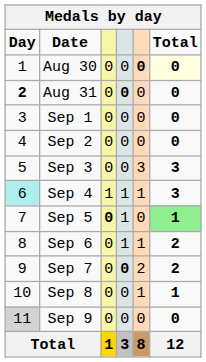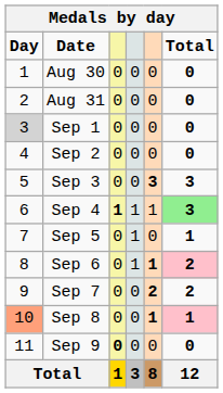 <table class="wikitable" style="font-size:90%; float:right">
 <tr align=center>
 <th colspan=7><strong>Medals by day</strong></th>
 </tr>
 <tr align=center>
 <td><strong>Day</strong></td>
 <td><strong>Date</strong></td>
 <td style="background:#f7f6a8;"></td>
 <td style="background:#dce5e5;"></td>
 <td style="background:#ffdab9;"></td>
 <td><strong>Total</strong></td>
 </tr>
 <tr align=center>
 <td>1</td>
 <td>Aug 30</td>
 <td style="background:#f7f6a8;">0</td>
 <td style="background:#dce5e5;">0</td>
-<td style="background:#ffdab9;"><strong>0</strong></td>
-<td style="background: lightyellow;"><strong>0</strong></td>
-</tr>
-<tr align=center>
-<td><strong>2</strong></td>
-<td>Aug 31</td>
-<td style="background:#f7f6a8;">0</td>
-<td style="background:#dce5e5;"><strong>0</strong></td>
 <td style="background:#ffdab9;">0</td>
 <td><strong>0</strong></td>
 </tr>
 <tr align=center>
-<td>3</td>
+<td>2</td>
+<td>Aug 31</td>
+<td style="background:#f7f6a8;">0</td>
+<td style="background:#dce5e5;">0</td>
+<td style="background:#ffdab9;">0</td>
+<td><strong>0</strong></td>
+</tr>
+<tr align=center>
+<td style="background: lightgrey;">3</td>
 <td>Sep 1</td>
 <td style="background:#f7f6a8;">0</td>
 <td style="background:#dce5e5;">0</td>
 <td style="background:#ffdab9;">0</td>
 <td><strong>0</strong></td>
 </tr>
 <tr align=center>
 <td>4</td>
 <td>Sep 2</td>
 <td style="background:#f7f6a8;">0</td>
 <td style="background:#dce5e5;">0</td>
 <td style="background:#ffdab9;">0</td>
 <td><strong>0</strong></td>
 </tr>
 <tr align=center>
 <td>5</td>
 <td>Sep 3</td>
 <td style="background:#f7f6a8;">0</td>
 <td style="background:#dce5e5;">0</td>
-<td style="background:#ffdab9;">3</td>
+<td style="background:#ffdab9;"><strong>3</strong></td>
 <td><strong>3</strong></td>
 </tr>
 <tr align=center>
-<td style="background: paleturquoise;">6</td>
+<td>6</td>
 <td>Sep 4</td>
-<td style="background:#f7f6a8;">1</td>
+<td style="background:#f7f6a8;"><strong>1</strong></td>
 <td style="background:#dce5e5;">1</td>
 <td style="background:#ffdab9;">1</td>
-<td><strong>3</strong></td>
+<td style="background: lightgreen;"><strong>3</strong></td>
 </tr>
 <tr align=center>
 <td>7</td>
 <td>Sep 5</td>
-<td style="background:#f7f6a8;"><strong>0</strong></td>
+<td style="background:#f7f6a8;">0</td>
 <td style="background:#dce5e5;">1</td>
 <td style="background:#ffdab9;">0</td>
-<td style="background: lightgreen;"><strong>1</strong></td>
+<td><strong>1</strong></td>
 </tr>
 <tr align=center>
 <td>8</td>
 <td>Sep 6</td>
 <td style="background:#f7f6a8;">0</td>
 <td style="background:#dce5e5;">1</td>
-<td style="background:#ffdab9;">1</td>
-<td><strong>2</strong></td>
+<td style="background:#ffdab9;"><strong>1</strong></td>
+<td style="background: pink;"><strong>2</strong></td>
 </tr>
 <tr align=center>
 <td>9</td>
 <td>Sep 7</td>
 <td style="background:#f7f6a8;">0</td>
-<td style="background:#dce5e5;"><strong>0</strong></td>
-<td style="background:#ffdab9;">2</td>
+<td style="background:#dce5e5;">0</td>
+<td style="background:#ffdab9;"><strong>2</strong></td>
 <td><strong>2</strong></td>
 </tr>
 <tr align=center>
-<td>10</td>
+<td style="background: lightsalmon;">10</td>
 <td>Sep 8</td>
 <td style="background:#f7f6a8;">0</td>
 <td style="background:#dce5e5;">0</td>
-<td style="background:#ffdab9;">1</td>
-<td><strong>1</strong></td>
+<td style="background:#ffdab9;"><strong>1</strong></td>
+<td style="background: pink;"><strong>1</strong></td>
 </tr>
 <tr align=center>
-<td style="background: lightgrey;">11</td>
+<td>11</td>
 <td>Sep 9</td>
-<td style="background:#f7f6a8;">0</td>
+<td style="background:#f7f6a8;"><strong>0</strong></td>
 <td style="background:#dce5e5;">0</td>
 <td style="background:#ffdab9;">0</td>
 <td><strong>0</strong></td>
 </tr>
 <tr style="text-align:center">
 <th colspan=2>Total</th>
 <th style="background:gold">1</th>
 <th style="background:silver">3</th>
 <th style="background:#c96">8</th>
 <th>12</th>
 </tr>
 </table>
